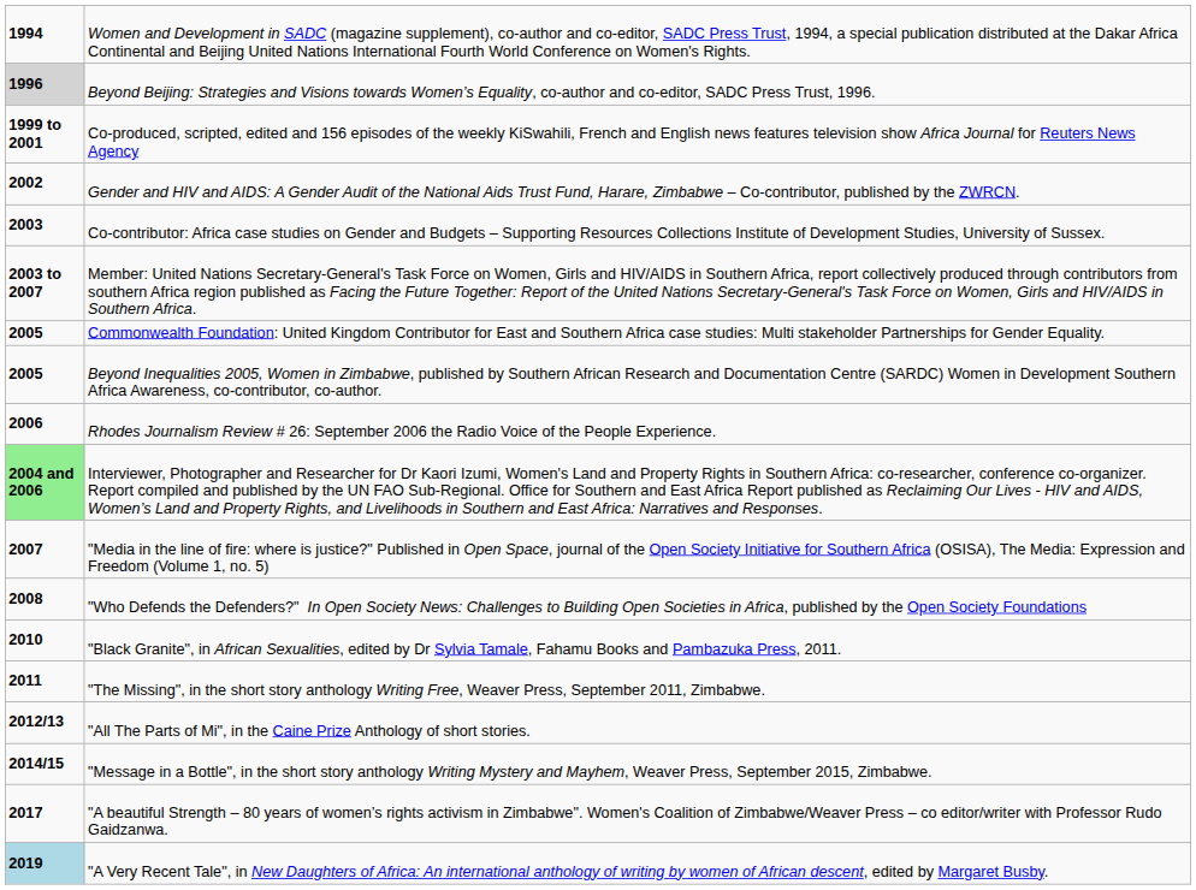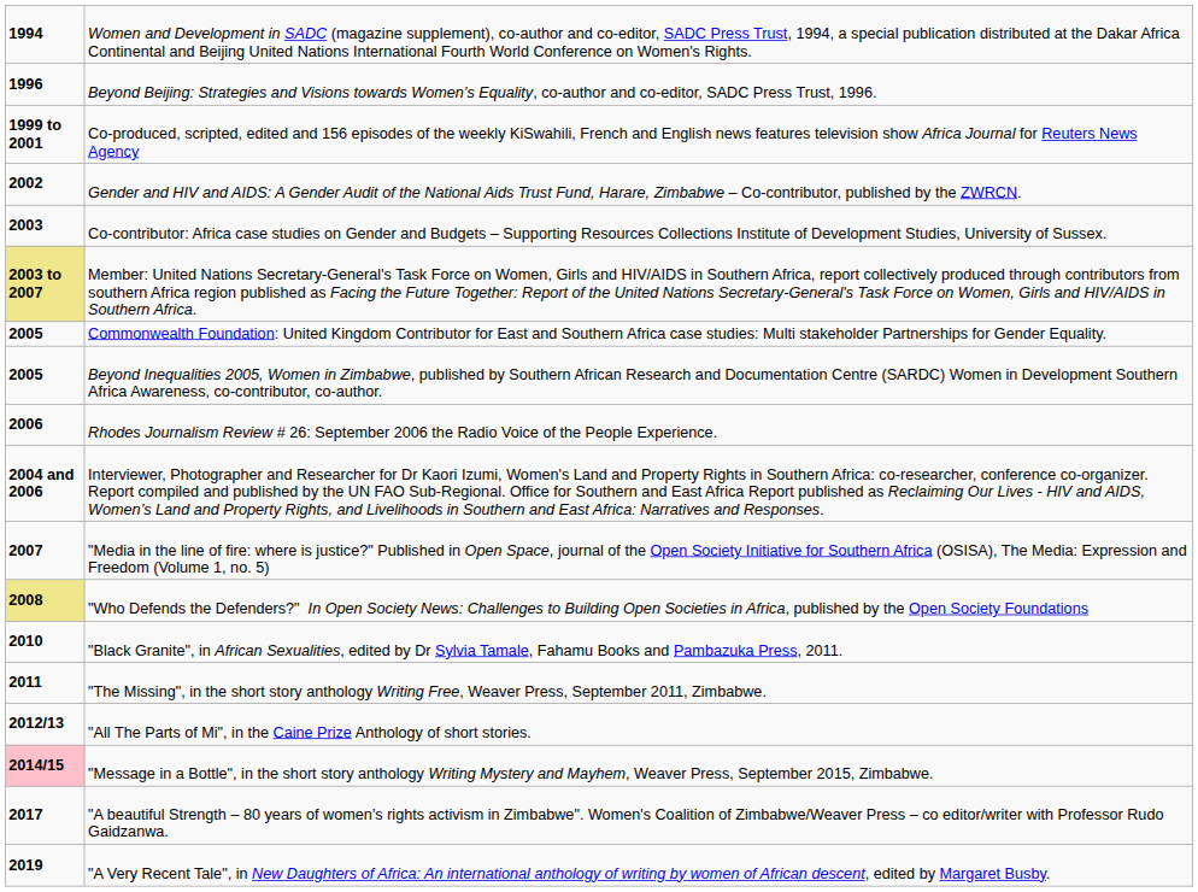 <table class="wikitable">
 <tr>
 <td><strong>1994</strong></td>
 <td><br><em>Women and Development in <a href='#'>SADC</a></em> (magazine supplement), co-author and co-editor, <a href='#'>SADC Press Trust</a>, 1994, a special publication distributed at the Dakar Africa Continental and Beijing United Nations International Fourth World Conference on Women's Rights.</td>
 </tr>
 <tr>
-<td style="background: lightgrey;"><strong>1996</strong></td>
+<td><strong>1996</strong></td>
 <td><br><em>Beyond Beijing: Strategies and Visions towards Women’s Equality</em>, co-author and co-editor, SADC Press Trust, 1996.</td>
 </tr>
 <tr>
 <td><strong>1999 to 2001</strong></td>
 <td><br>Co-produced, scripted, edited and 156 episodes of the weekly KiSwahili, French and English news features television show <em>Africa Journal</em> for <a href='#'>Reuters News Agency</a></td>
 </tr>
 <tr>
 <td><strong>2002</strong></td>
 <td><br><em>Gender and HIV and AIDS: A Gender Audit of the National Aids Trust Fund, Harare, Zimbabwe</em> – Co-contributor, published by the <a href='#'>ZWRCN</a>.</td>
 </tr>
 <tr>
 <td><strong>2003</strong></td>
 <td><br>Co-contributor: Africa case studies on Gender and Budgets – Supporting Resources Collections Institute of Development Studies, University of Sussex. </td>
 </tr>
 <tr>
-<td><strong>2003  to 2007</strong></td>
+<td style="background: khaki;"><strong>2003  to 2007</strong></td>
 <td><br>Member: United Nations Secretary-General's Task Force on Women, Girls and HIV/AIDS in Southern Africa, report collectively produced through contributors from southern Africa region published as <em>Facing the Future Together: Report of the United Nations Secretary-General's Task Force on Women, Girls and HIV/AIDS in Southern Africa</em>.</td>
 </tr>
 <tr>
 <td><strong>2005</strong></td>
 <td><a href='#'>Commonwealth Foundation</a>: United Kingdom Contributor for East and Southern Africa case studies: Multi stakeholder Partnerships for Gender Equality.</td>
 </tr>
 <tr>
 <td><strong>2005</strong></td>
 <td><br><em>Beyond Inequalities 2005, Women in Zimbabwe</em>, published by Southern African Research and Documentation Centre (SARDC) Women in Development Southern Africa Awareness, co-contributor, co-author.</td>
 </tr>
 <tr>
 <td><strong>2006</strong></td>
 <td><br><em>Rhodes Journalism Review</em> # 26: September 2006 the Radio Voice of the People Experience.</td>
 </tr>
 <tr>
-<td style="background: lightgreen;"><strong>2004 and 2006</strong></td>
+<td><strong>2004 and 2006</strong></td>
 <td><br>Interviewer, Photographer and Researcher for Dr Kaori Izumi, Women's Land and Property Rights in Southern Africa: co-researcher, conference co-organizer. Report compiled and published by the UN FAO Sub-Regional. Office for Southern and East Africa Report published as <em>Reclaiming Our Lives - HIV and AIDS, Women’s Land and Property Rights, and Livelihoods in Southern and East Africa: Narratives and Responses</em>.</td>
 </tr>
 <tr>
 <td><strong>2007</strong></td>
 <td><br>"Media in the line of fire: where is justice?" Published in <em>Open Space</em>, journal of the <a href='#'>Open Society Initiative for Southern Africa</a> (OSISA), The Media: Expression and Freedom (Volume 1, no. 5)</td>
 </tr>
 <tr>
-<td><strong>2008</strong></td>
+<td style="background: khaki;"><strong>2008</strong></td>
 <td><br>"Who Defends the Defenders?"  <em>In Open Society News: Challenges to Building Open Societies in Africa</em>, published by the <a href='#'>Open Society Foundations</a></td>
 </tr>
 <tr>
 <td><strong>2010</strong></td>
 <td><br>"Black Granite", in <em>African Sexualities</em>, edited by Dr <a href='#'>Sylvia Tamale</a>, Fahamu Books and <a href='#'>Pambazuka Press</a>, 2011.</td>
 </tr>
 <tr>
 <td><strong>2011</strong></td>
 <td><br>"The Missing", in the short story anthology <em>Writing Free</em>, Weaver Press, September 2011, Zimbabwe.</td>
 </tr>
 <tr>
 <td><strong>2012/13</strong></td>
 <td><br>"All The Parts of Mi", in the <a href='#'>Caine Prize</a> Anthology of short stories.</td>
 </tr>
 <tr>
-<td><strong>2014/15</strong></td>
+<td style="background: pink;"><strong>2014/15</strong></td>
 <td><br>"Message in a Bottle", in the short story anthology <em>Writing Mystery and Mayhem</em>, Weaver Press, September 2015, Zimbabwe.</td>
 </tr>
 <tr>
 <td><strong>2017</strong></td>
 <td><br>"A beautiful Strength – 80 years of women’s rights activism in Zimbabwe". Women's Coalition of Zimbabwe/Weaver Press – co editor/writer with Professor Rudo Gaidzanwa.</td>
 </tr>
 <tr>
-<td style="background: lightblue;"><strong>2019</strong></td>
+<td><strong>2019</strong></td>
 <td><br>"A Very Recent Tale", in <em><a href='#'>New Daughters of Africa: An international anthology of writing by women of African descent</a></em>, edited by <a href='#'>Margaret Busby</a>.</td>
 </tr>
 </table>
